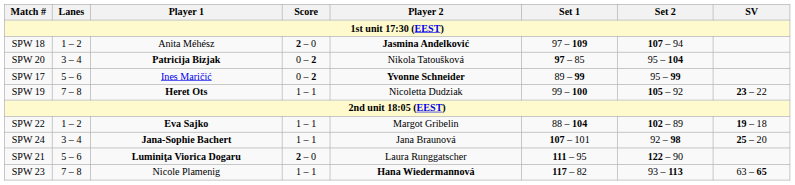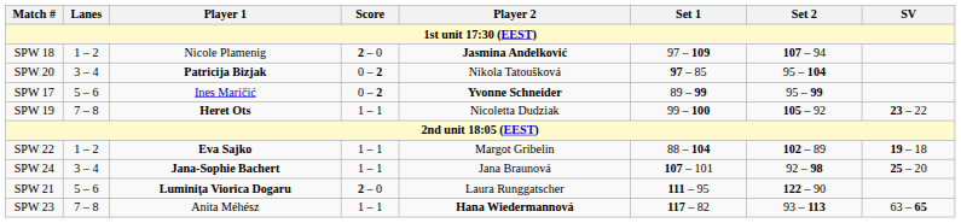 <table class="wikitable">
 <tr>
 <th width="5%">Match #</th>
 <th width="4%">Lanes</th>
 <th width="20%">Player 1</th>
 <th width="5%">Score</th>
 <th width="20%">Player 2</th>
 <th width="10%">Set 1</th>
 <th width="10%">Set 2</th>
 <th width="8%">SV</th>
 </tr>
 <tr>
 <td colspan="8" style="text-align:center; background-color:#FFFACD"><strong>1st unit 17:30 (<a href='#'>EEST</a>)</strong></td>
 </tr>
 <tr style=text-align:center;"background:#;">
 <td>SPW 18</td>
 <td>1 – 2</td>
-<td> Anita Méhész</td>
+<td> Nicole Plamenig</td>
 <td><strong>2</strong> – 0</td>
 <td> <strong>Jasmina Anđelković</strong></td>
 <td>97  – <strong>109</strong></td>
 <td><strong>107</strong> – 94</td>
 <td></td>
 </tr>
 <tr style=text-align:center;"background:#;">
 <td>SPW 20</td>
 <td>3 – 4</td>
 <td> <strong>Patricija Bizjak</strong></td>
 <td>0 – <strong>2</strong></td>
 <td><strong></strong> Nikola Tatoušková</td>
 <td><strong>97</strong> – 85</td>
 <td>95 – <strong>104</strong></td>
 <td></td>
 </tr>
 <tr style=text-align:center;"background:#;">
 <td>SPW 17</td>
 <td>5 – 6</td>
 <td> <a href='#'>Ines Maričić</a></td>
 <td>0 – <strong>2</strong></td>
 <td> <strong>Yvonne Schneider</strong></td>
 <td>89 – <strong>99</strong></td>
 <td>95 – <strong>99</strong></td>
 <td></td>
 </tr>
 <tr style=text-align:center;"background:#;">
 <td>SPW 19</td>
 <td>7 – 8</td>
 <td> <strong>Heret Ots</strong></td>
 <td>1 – 1</td>
 <td> Nicoletta Dudziak</td>
 <td>99 – <strong>100</strong></td>
 <td><strong>105</strong> – 92</td>
 <td><strong>23</strong> – 22</td>
 </tr>
 <tr>
 <td colspan="8" style="text-align:center; background-color:#FFFACD"><strong>2nd unit 18:05 (<a href='#'>EEST</a>)</strong></td>
 </tr>
 <tr style=text-align:center;"background:#;">
 <td>SPW 22</td>
 <td>1 – 2</td>
 <td> <strong>Eva Sajko</strong></td>
 <td>1 – 1</td>
 <td> Margot Gribelin</td>
 <td>88 – <strong>104</strong></td>
 <td><strong>102</strong> – 89</td>
 <td><strong>19</strong> – 18</td>
 </tr>
 <tr style=text-align:center;"background:#;">
 <td>SPW 24</td>
 <td>3 – 4</td>
 <td> <strong>Jana-Sophie Bachert</strong></td>
 <td>1 – 1</td>
 <td> Jana Braunová</td>
 <td><strong>107</strong> – 101</td>
 <td>92 – <strong>98</strong></td>
 <td><strong>25</strong> – 20</td>
 </tr>
 <tr style=text-align:center;"background:#;">
 <td>SPW 21</td>
 <td>5 – 6</td>
 <td> <strong>Luminiţa Viorica Dogaru</strong></td>
 <td><strong>2</strong> – 0</td>
 <td> Laura Runggatscher</td>
 <td><strong>111</strong> – 95</td>
 <td><strong>122</strong> – 90</td>
 <td></td>
 </tr>
 <tr style=text-align:center;"background:#;">
 <td>SPW 23</td>
 <td>7 – 8</td>
-<td> Nicole Plamenig</td>
+<td> Anita Méhész</td>
 <td>1 – 1</td>
 <td> <strong>Hana Wiedermannová</strong></td>
 <td><strong>117</strong> – 82</td>
 <td>93 – <strong>113</strong></td>
 <td>63 – <strong>65</strong></td>
 </tr>
 </table>
